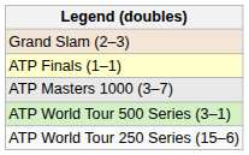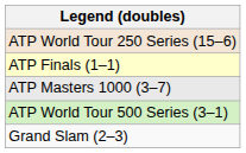 <table class="wikitable sortable mw-collapsible mw-collapsed">
 <tr>
 <th>Legend (doubles)</th>
 </tr>
 <tr style="background:#f3e6d7;">
-<td>Grand Slam (2–3)</td>
+<td>ATP World Tour 250 Series (15–6)</td>
 </tr>
 <tr style="background:#ffffcc;">
 <td>ATP Finals (1–1)</td>
 </tr>
 <tr style="background:#e9e9e9;">
 <td>ATP Masters 1000 (3–7)</td>
 </tr>
 <tr style="background:#d4f1c5;">
 <td>ATP World Tour 500 Series (3–1)</td>
 </tr>
 <tr>
-<td>ATP World Tour 250 Series (15–6)</td>
+<td>Grand Slam (2–3)</td>
 </tr>
 </table>
